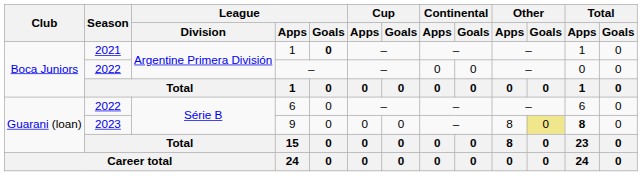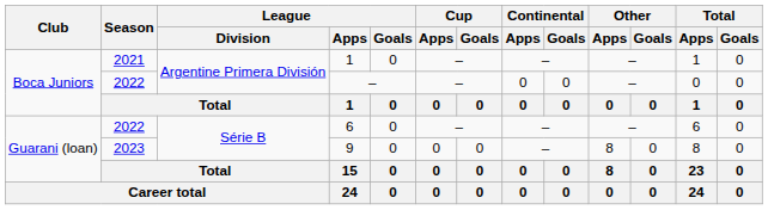 <table class="wikitable" style="text-align: center">
 <tr>
 <th rowspan="2">Club</th>
 <th rowspan="2">Season</th>
 <th colspan="3">League</th>
 <th colspan="2">Cup</th>
 <th colspan="2">Continental</th>
 <th colspan="2">Other</th>
 <th colspan="2">Total</th>
 </tr>
 <tr>
 <th>Division</th>
 <th>Apps</th>
 <th>Goals</th>
 <th>Apps</th>
 <th>Goals</th>
 <th>Apps</th>
 <th>Goals</th>
 <th>Apps</th>
 <th>Goals</th>
 <th>Apps</th>
 <th>Goals</th>
 </tr>
 <tr>
 <td rowspan="3"><a href='#'>Boca Juniors</a></td>
 <td><a href='#'>2021</a></td>
 <td rowspan="2"><a href='#'>Argentine Primera División</a></td>
 <td>1</td>
-<td><strong>0</strong></td>
+<td>0</td>
 <td colspan="2">–</td>
 <td colspan="2">–</td>
 <td colspan="2">–</td>
 <td>1</td>
 <td>0</td>
 </tr>
 <tr>
 <td><a href='#'>2022</a></td>
 <td colspan="2">–</td>
 <td colspan="2">–</td>
 <td>0</td>
 <td>0</td>
 <td colspan="2">–</td>
 <td>0</td>
 <td>0</td>
 </tr>
 <tr>
 <th colspan=2>Total</th>
 <th>1</th>
 <th>0</th>
 <th>0</th>
 <th>0</th>
 <th>0</th>
 <th>0</th>
 <th>0</th>
 <th>0</th>
 <th>1</th>
 <th>0</th>
 </tr>
 <tr>
 <td rowspan="3"><a href='#'>Guarani</a> (loan)</td>
 <td><a href='#'>2022</a></td>
 <td rowspan="2"><a href='#'>Série B</a></td>
 <td>6</td>
 <td>0</td>
 <td colspan="2">–</td>
 <td colspan="2">–</td>
 <td colspan="2">–</td>
 <td>6</td>
 <td>0</td>
 </tr>
 <tr>
 <td><a href='#'>2023</a></td>
 <td>9</td>
 <td>0</td>
 <td>0</td>
 <td>0</td>
 <td colspan="2">–</td>
 <td>8</td>
-<td style="background: khaki;">0</td>
-<td><strong>8</strong></td>
+<td>0</td>
+<td>8</td>
 <td>0</td>
 </tr>
 <tr>
 <th colspan=2>Total</th>
 <th>15</th>
 <th>0</th>
 <th>0</th>
 <th>0</th>
 <th>0</th>
 <th>0</th>
 <th>8</th>
 <th>0</th>
 <th>23</th>
 <th>0</th>
 </tr>
 <tr>
 <th colspan=3>Career total</th>
 <th>24</th>
 <th>0</th>
 <th>0</th>
 <th>0</th>
 <th>0</th>
 <th>0</th>
 <th>0</th>
 <th>0</th>
 <th>24</th>
 <th>0</th>
 </tr>
 </table>
